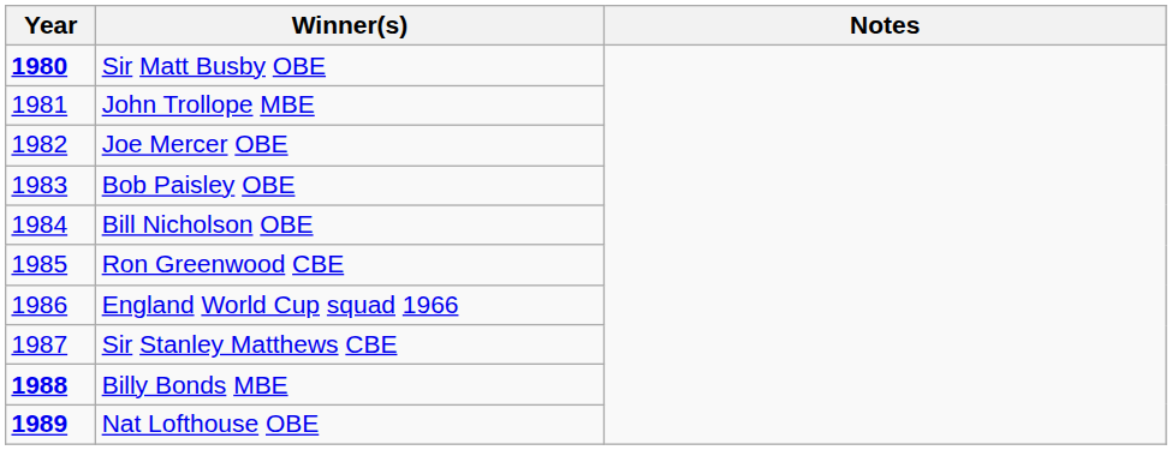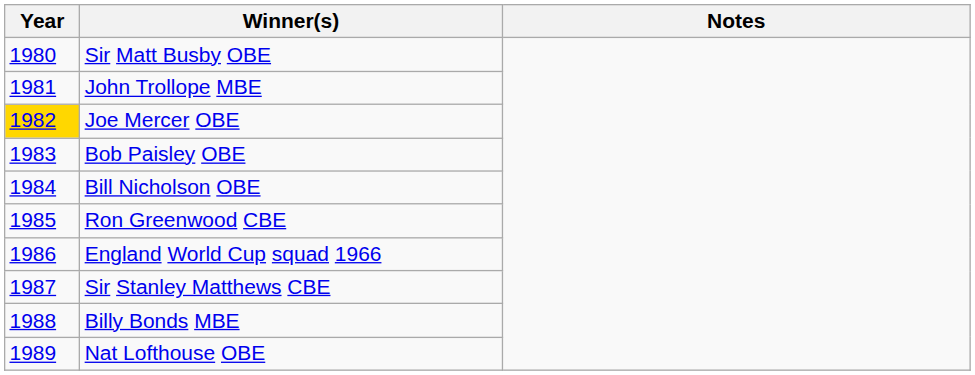 <table class="wikitable">
 <tr>
 <th>Year</th>
 <th>Winner(s)</th>
 <th width="350px">Notes</th>
 </tr>
 <tr>
-<td width="50px"><strong><a href='#'>1980</a></strong></td>
+<td width="50px"><a href='#'>1980</a></td>
 <td width="315px"> <a href='#'>Sir</a> <a href='#'>Matt Busby</a> <a href='#'>OBE</a></td>
 </tr>
 <tr>
 <td width="50px"><a href='#'>1981</a></td>
 <td width="315px"> <a href='#'>John Trollope</a> <a href='#'>MBE</a></td>
 </tr>
 <tr>
-<td width="50px"><a href='#'>1982</a></td>
+<td width="50px" style="background: gold;"><a href='#'>1982</a></td>
 <td width="315px"> <a href='#'>Joe Mercer</a> <a href='#'>OBE</a></td>
 </tr>
 <tr>
 <td width="50px"><a href='#'>1983</a></td>
 <td width="315px"> <a href='#'>Bob Paisley</a> <a href='#'>OBE</a></td>
 </tr>
 <tr>
 <td width="50px"><a href='#'>1984</a></td>
 <td width="315px"> <a href='#'>Bill Nicholson</a> <a href='#'>OBE</a></td>
 </tr>
 <tr>
 <td width="50px"><a href='#'>1985</a></td>
 <td width="315px"> <a href='#'>Ron Greenwood</a> <a href='#'>CBE</a></td>
 </tr>
 <tr>
 <td width="50px"><a href='#'>1986</a></td>
 <td width="315px"> <a href='#'>England</a> <a href='#'>World Cup</a> <a href='#'>squad</a> <a href='#'>1966</a></td>
 </tr>
 <tr>
 <td width="50px"><a href='#'>1987</a></td>
 <td width="315px"> <a href='#'>Sir</a> <a href='#'>Stanley Matthews</a> <a href='#'>CBE</a></td>
 </tr>
 <tr>
-<td width="50px"><strong><a href='#'>1988</a></strong></td>
+<td width="50px"><a href='#'>1988</a></td>
 <td width="315px"> <a href='#'>Billy Bonds</a> <a href='#'>MBE</a></td>
 </tr>
 <tr>
-<td width="50px"><strong><a href='#'>1989</a></strong></td>
+<td width="50px"><a href='#'>1989</a></td>
 <td width="315px"> <a href='#'>Nat Lofthouse</a> <a href='#'>OBE</a></td>
 </tr>
 </table>
